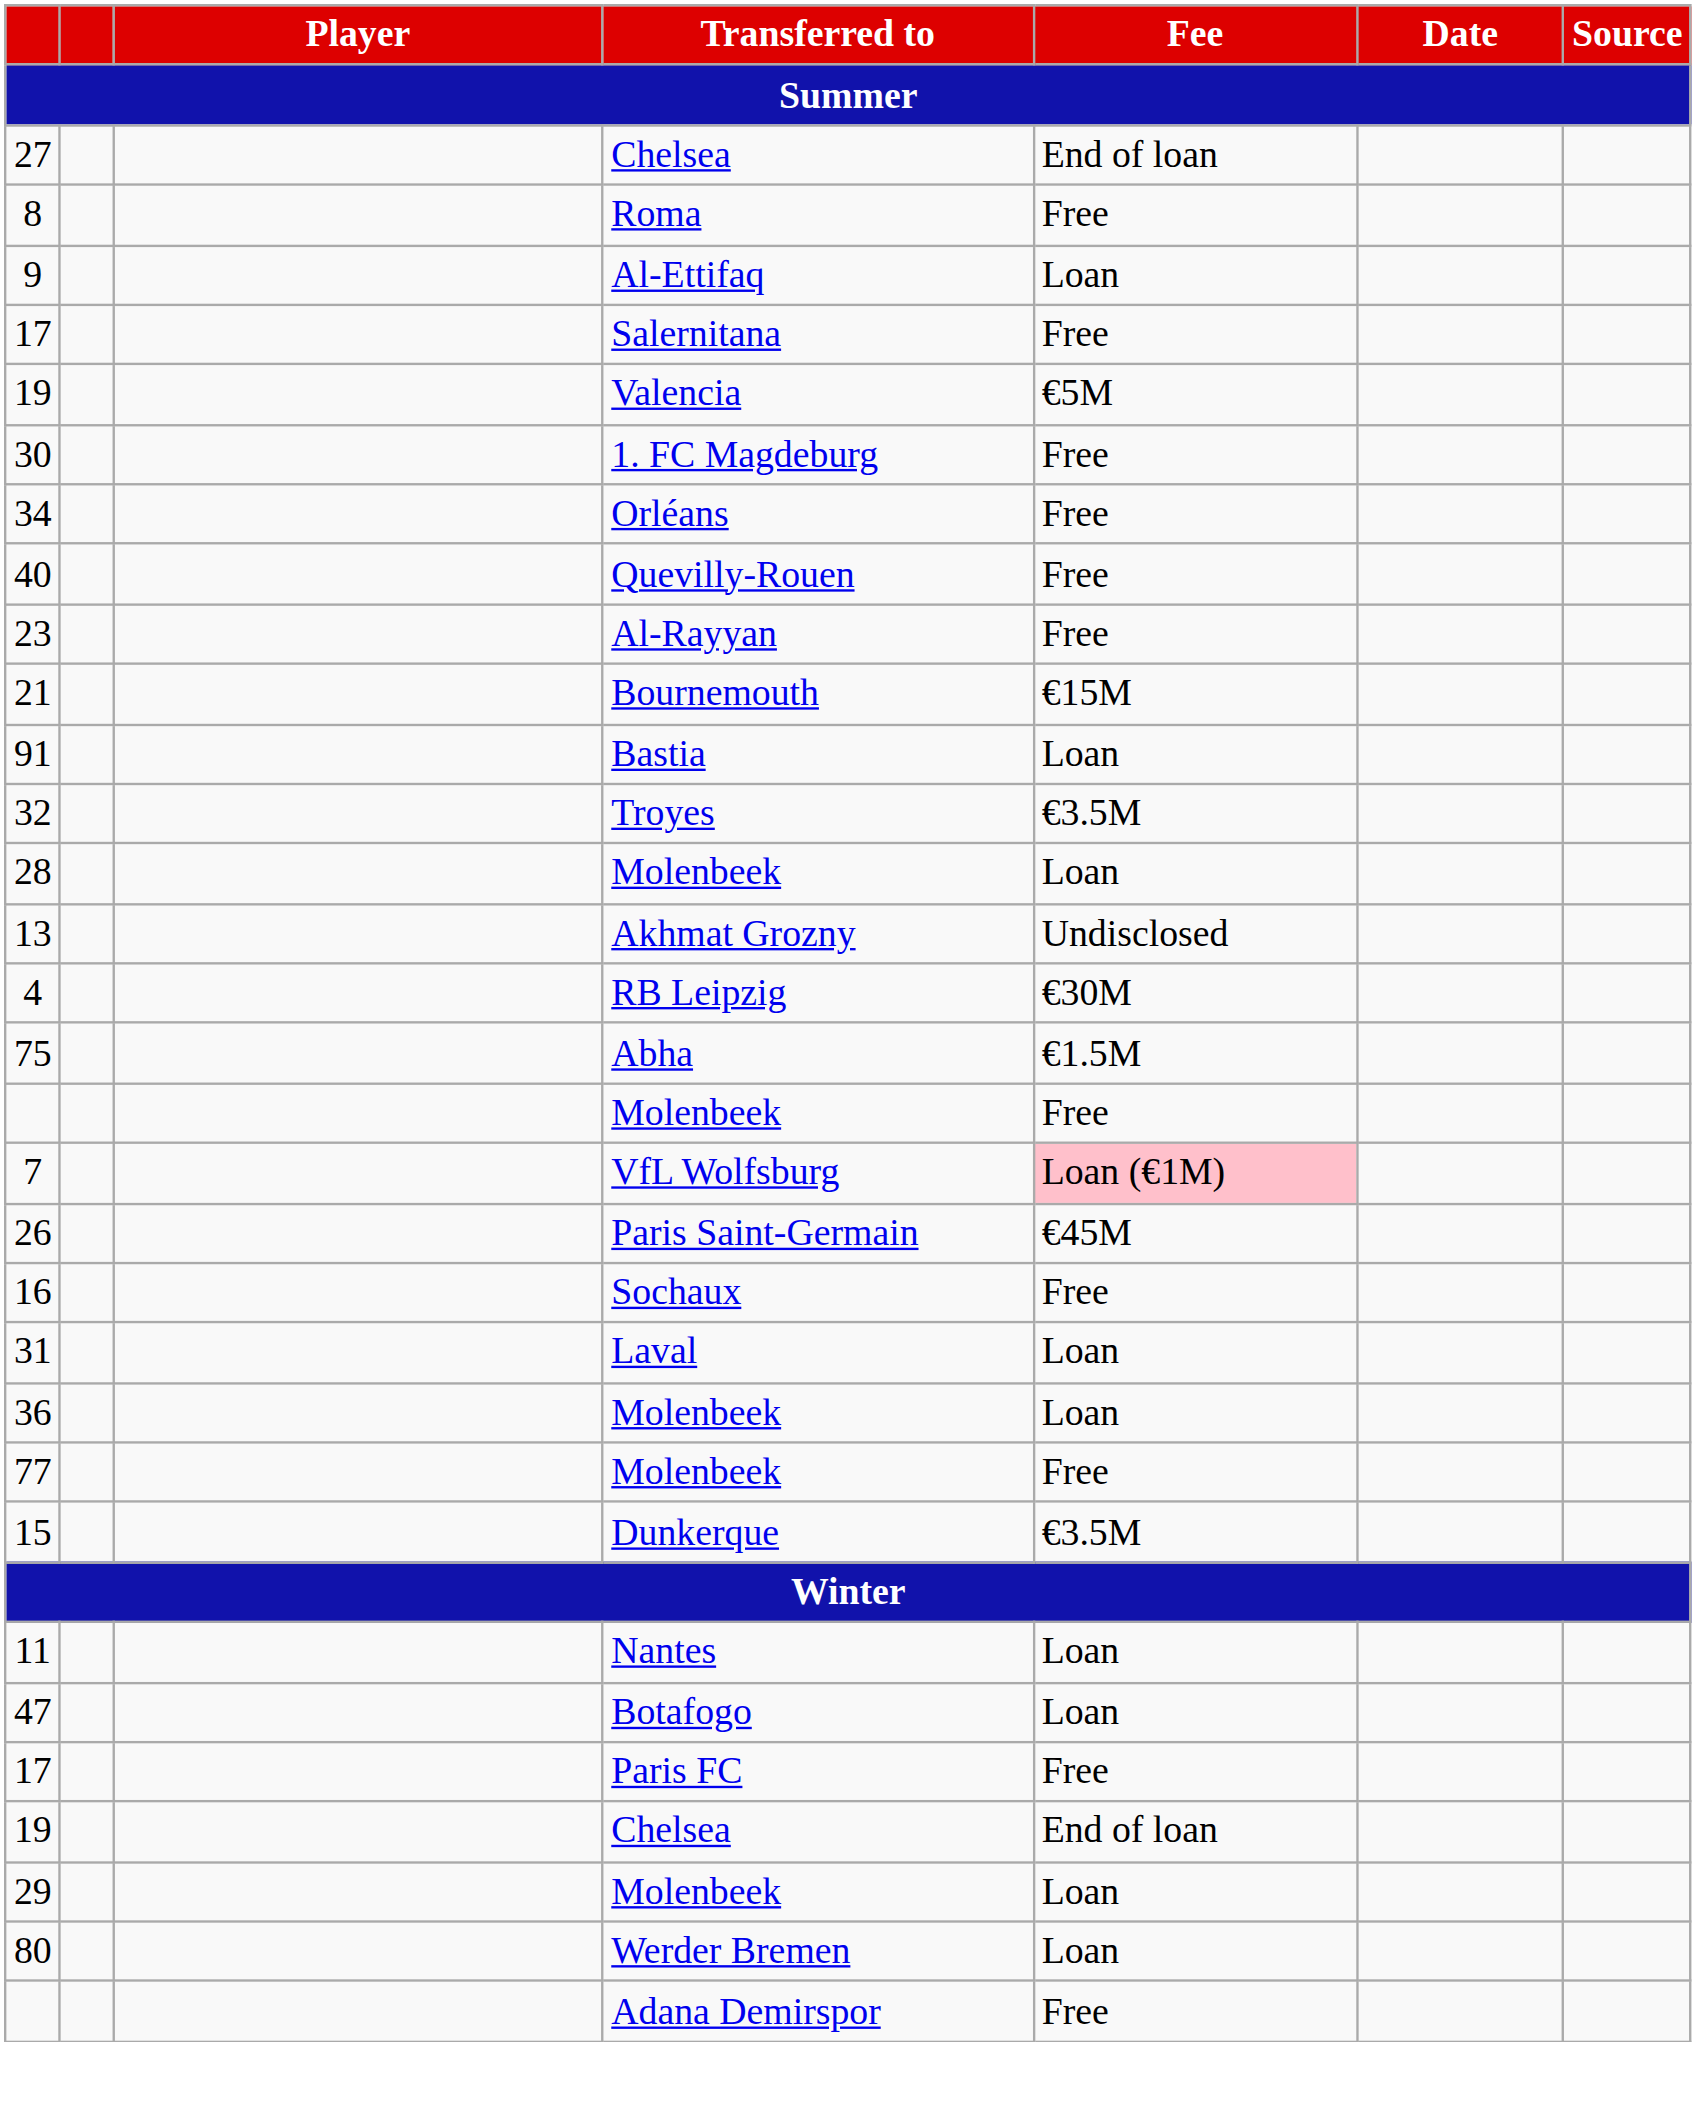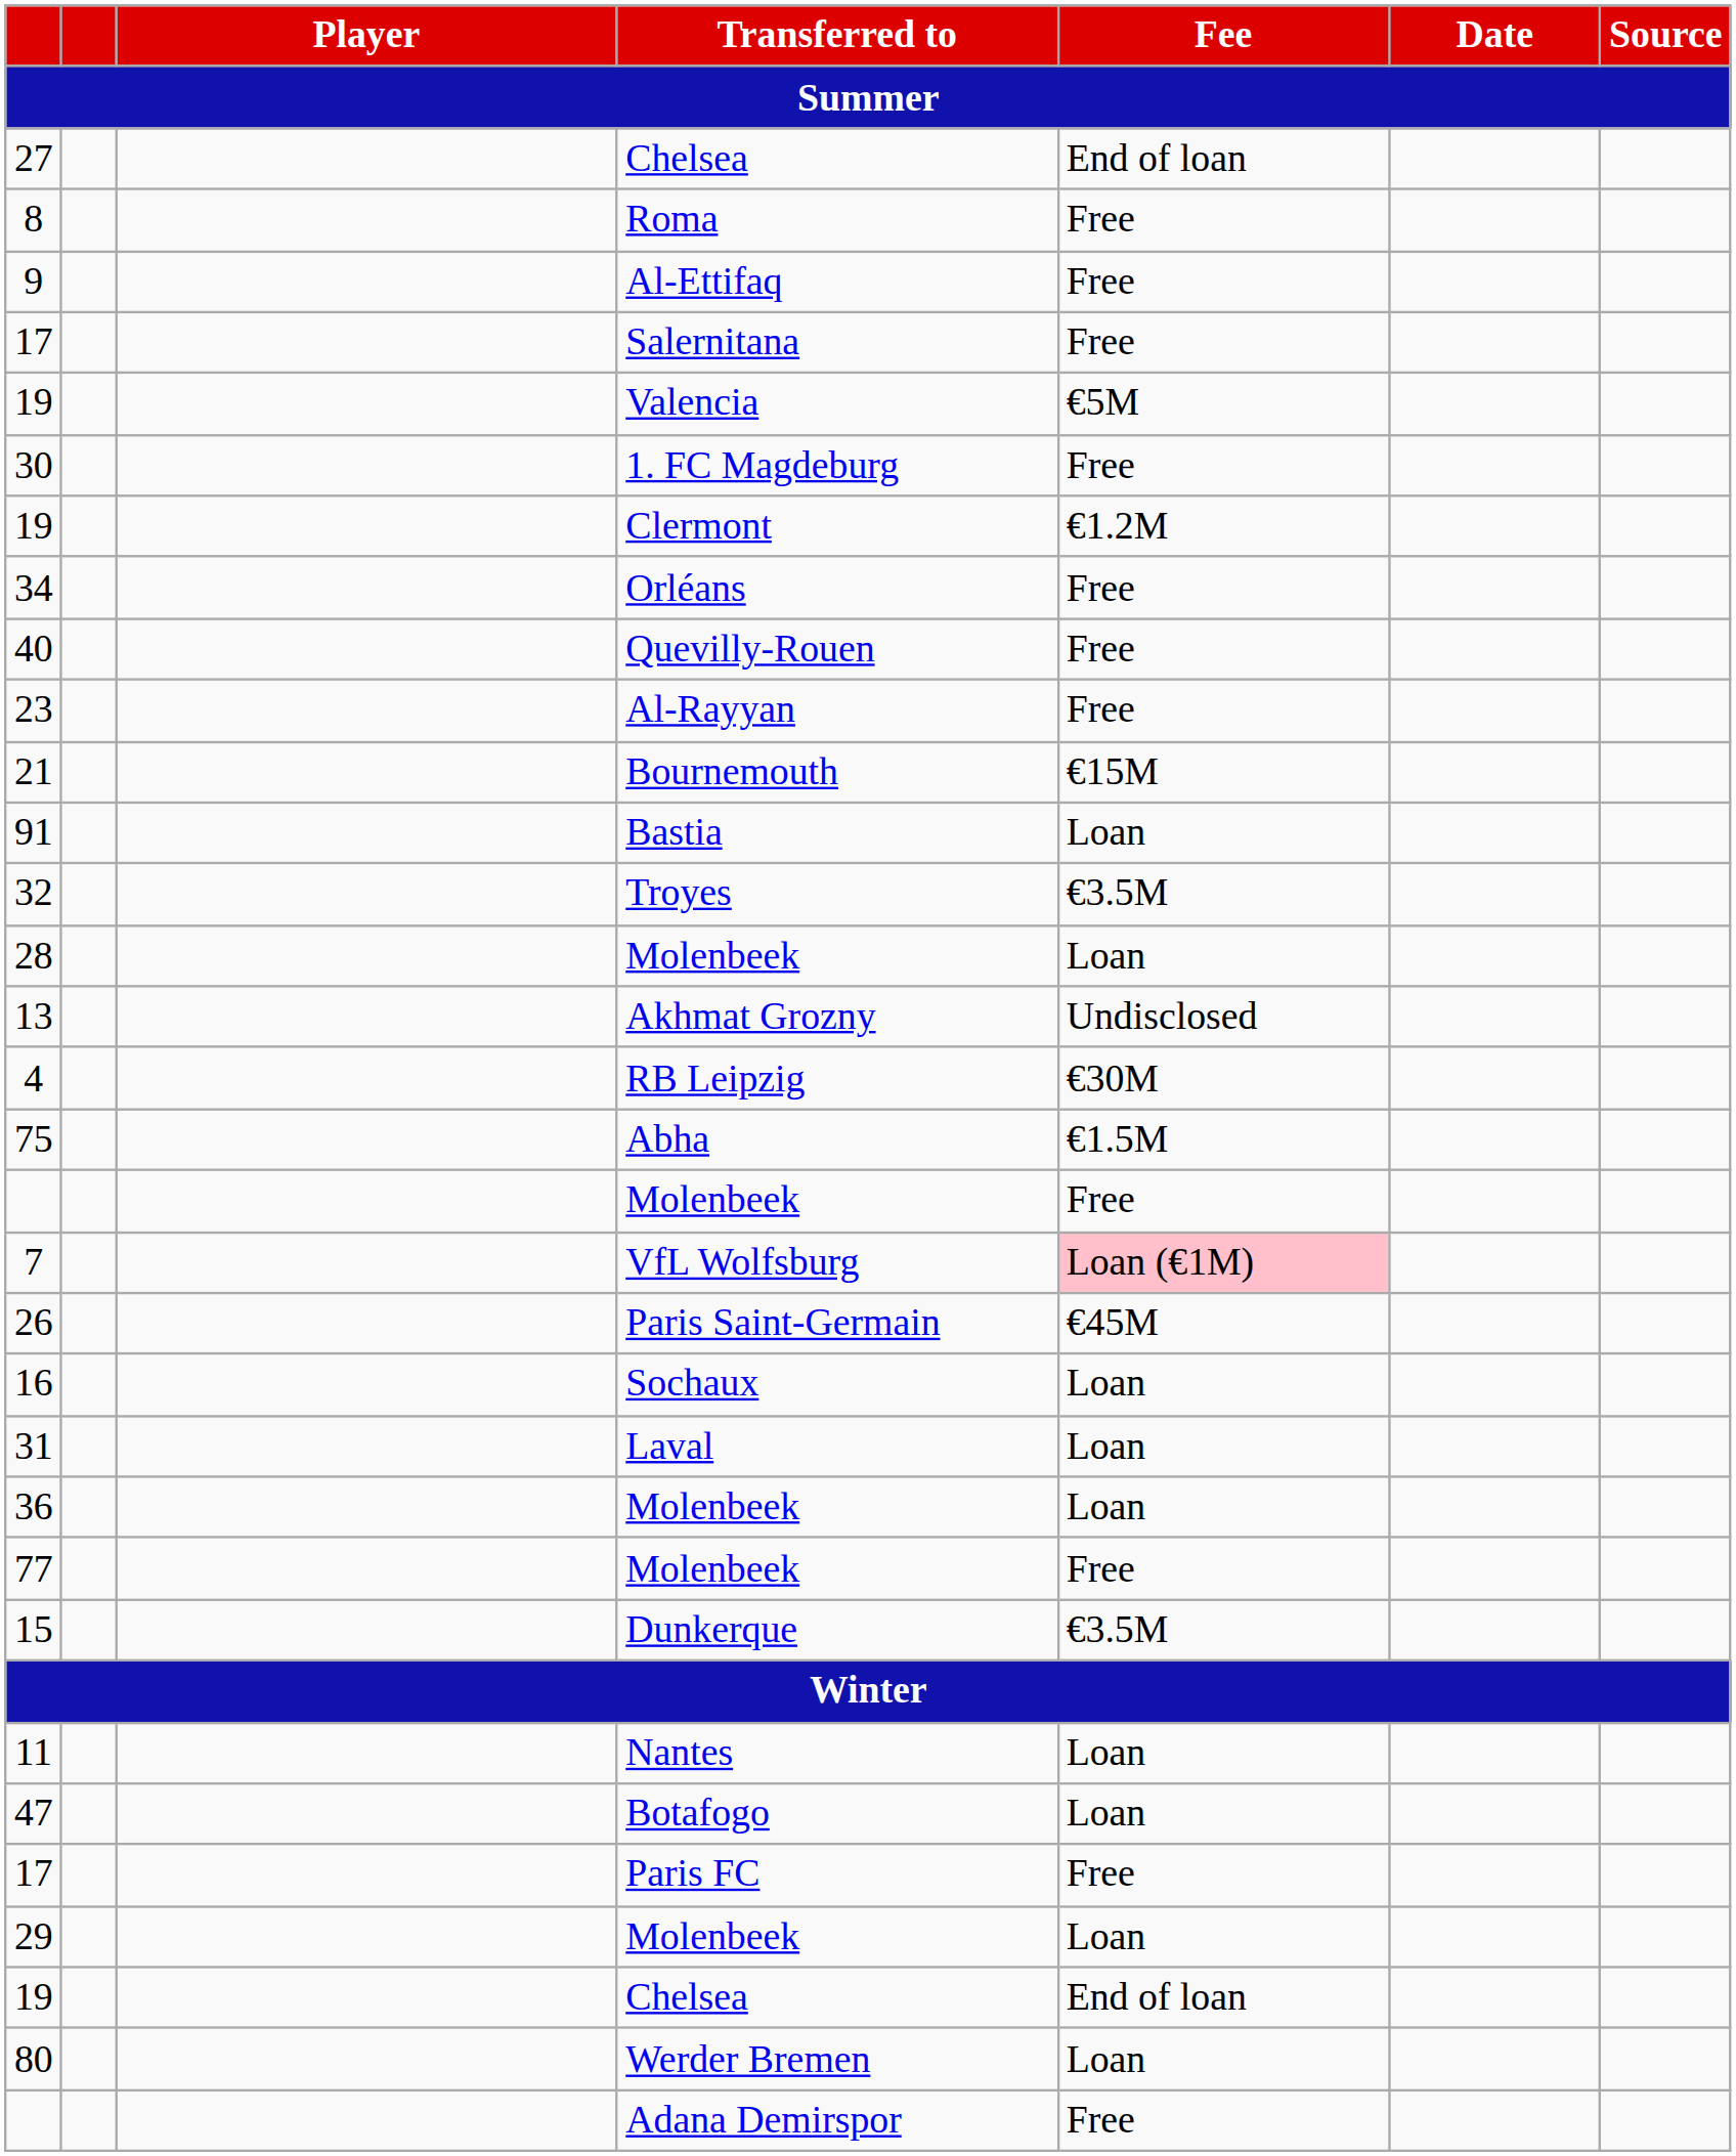 <table class="wikitable plainrowheaders sortable">
 <tr>
 <th style="background:#DD0000; color:white; scope=col; width:15px"></th>
 <th style="background:#DD0000; color:white; scope=col; width:15px"></th>
 <th style="background:#DD0000; color:white; scope=col; width:200px">Player</th>
 <th style="background:#DD0000; color:white; scope=col; width:175px">Transferred to</th>
 <th style="background:#DD0000; color:white; scope=col; width:130px">Fee</th>
 <th style="background:#DD0000; color:white; scope=col; width:80px">Date</th>
 <th style="background:#DD0000; color:white; scope=col; width:15px">Source</th>
 </tr>
 <tr>
 <th colspan="7" style="background:#1112AB; color:white;">Summer</th>
 </tr>
 <tr>
 <td align=center>27</td>
 <td align=center></td>
 <td></td>
 <td> <a href='#'>Chelsea</a></td>
 <td>End of loan</td>
 <td></td>
 <td></td>
 </tr>
 <tr>
 <td align=center>8</td>
 <td align=center></td>
 <td></td>
 <td> <a href='#'>Roma</a></td>
 <td>Free</td>
 <td></td>
 <td></td>
 </tr>
 <tr>
 <td align=center>9</td>
 <td align=center></td>
 <td></td>
 <td> <a href='#'>Al-Ettifaq</a></td>
-<td>Loan</td>
+<td>Free</td>
 <td></td>
 <td></td>
 </tr>
 <tr>
 <td align=center>17</td>
 <td align=center></td>
 <td></td>
 <td> <a href='#'>Salernitana</a></td>
 <td>Free</td>
 <td></td>
 <td></td>
 </tr>
 <tr>
 <td align=center>19</td>
 <td align=center></td>
 <td></td>
 <td> <a href='#'>Valencia</a></td>
 <td>€5M</td>
 <td></td>
 <td></td>
 </tr>
 <tr>
 <td align=center>30</td>
 <td align=center></td>
 <td></td>
 <td> <a href='#'>1. FC Magdeburg</a></td>
 <td>Free</td>
+<td></td>
+<td></td>
+</tr>
+<tr>
+<td align=center>19</td>
+<td align=center></td>
+<td></td>
+<td> <a href='#'>Clermont</a></td>
+<td>€1.2M</td>
 <td></td>
 <td></td>
 </tr>
 <tr>
 <td align=center>34</td>
 <td align=center></td>
 <td></td>
 <td> <a href='#'>Orléans</a></td>
 <td>Free</td>
 <td></td>
 <td></td>
 </tr>
 <tr>
 <td align=center>40</td>
 <td align=center></td>
 <td></td>
 <td> <a href='#'>Quevilly-Rouen</a></td>
 <td>Free</td>
 <td></td>
 <td></td>
 </tr>
 <tr>
 <td align=center>23</td>
 <td align=center></td>
 <td></td>
 <td> <a href='#'>Al-Rayyan</a></td>
 <td>Free</td>
 <td></td>
 <td></td>
 </tr>
 <tr>
 <td align=center>21</td>
 <td align=center></td>
 <td></td>
 <td> <a href='#'>Bournemouth</a></td>
 <td>€15M</td>
 <td></td>
 <td></td>
 </tr>
 <tr>
 <td align=center>91</td>
 <td align=center></td>
 <td></td>
 <td> <a href='#'>Bastia</a></td>
 <td>Loan</td>
 <td></td>
 <td></td>
 </tr>
 <tr>
 <td align=center>32</td>
 <td align=center></td>
 <td></td>
 <td> <a href='#'>Troyes</a></td>
 <td>€3.5M</td>
 <td></td>
 <td></td>
 </tr>
 <tr>
 <td align=center>28</td>
 <td align=center></td>
 <td></td>
 <td> <a href='#'>Molenbeek</a></td>
 <td>Loan</td>
 <td></td>
 <td></td>
 </tr>
 <tr>
 <td align=center>13</td>
 <td align=center></td>
 <td></td>
 <td> <a href='#'>Akhmat Grozny</a></td>
 <td>Undisclosed</td>
 <td></td>
 <td></td>
 </tr>
 <tr>
 <td align=center>4</td>
 <td align=center></td>
 <td></td>
 <td> <a href='#'>RB Leipzig</a></td>
 <td>€30M</td>
 <td></td>
 <td></td>
 </tr>
 <tr>
 <td align=center>75</td>
 <td align=center></td>
 <td></td>
 <td> <a href='#'>Abha</a></td>
 <td>€1.5M</td>
 <td></td>
 <td></td>
 </tr>
 <tr>
 <td align=center></td>
 <td align=center></td>
 <td></td>
 <td> <a href='#'>Molenbeek</a></td>
 <td>Free</td>
 <td></td>
 <td></td>
 </tr>
 <tr>
 <td align=center>7</td>
 <td align=center></td>
 <td></td>
 <td> <a href='#'>VfL Wolfsburg</a></td>
 <td style="background: pink;">Loan (€1M)</td>
 <td></td>
 <td></td>
 </tr>
 <tr>
 <td align=center>26</td>
 <td align=center></td>
 <td></td>
 <td> <a href='#'>Paris Saint-Germain</a></td>
 <td>€45M</td>
 <td></td>
 <td></td>
 </tr>
 <tr>
 <td align=center>16</td>
 <td align=center></td>
 <td></td>
 <td> <a href='#'>Sochaux</a></td>
-<td>Free</td>
+<td>Loan</td>
 <td></td>
 <td></td>
 </tr>
 <tr>
 <td align=center>31</td>
 <td align=center></td>
 <td></td>
 <td> <a href='#'>Laval</a></td>
 <td>Loan</td>
 <td></td>
 <td></td>
 </tr>
 <tr>
 <td align=center>36</td>
 <td align=center></td>
 <td></td>
 <td> <a href='#'>Molenbeek</a></td>
 <td>Loan</td>
 <td></td>
 <td></td>
 </tr>
 <tr>
 <td align=center>77</td>
 <td align=center></td>
 <td></td>
 <td> <a href='#'>Molenbeek</a></td>
 <td>Free</td>
 <td></td>
 <td></td>
 </tr>
 <tr>
 <td align=center>15</td>
 <td align=center></td>
 <td></td>
 <td> <a href='#'>Dunkerque</a></td>
 <td>€3.5M</td>
 <td></td>
 <td></td>
 </tr>
 <tr>
 <th colspan="7" style="background:#1112AB; color:white;">Winter</th>
 </tr>
 <tr>
 <td align=center>11</td>
 <td align=center></td>
 <td></td>
 <td> <a href='#'>Nantes</a></td>
 <td>Loan</td>
 <td></td>
 <td></td>
 </tr>
 <tr>
 <td align=center>47</td>
 <td align=center></td>
 <td></td>
 <td> <a href='#'>Botafogo</a></td>
 <td>Loan</td>
 <td></td>
 <td></td>
 </tr>
 <tr>
 <td align=center>17</td>
 <td align=center></td>
 <td></td>
 <td> <a href='#'>Paris FC</a></td>
 <td>Free</td>
 <td></td>
 <td></td>
 </tr>
 <tr>
+<td align=center>29</td>
+<td align=center></td>
+<td></td>
+<td> <a href='#'>Molenbeek</a></td>
+<td>Loan</td>
+<td></td>
+<td></td>
+</tr>
+<tr>
 <td align=center>19</td>
 <td align=center></td>
 <td></td>
 <td> <a href='#'>Chelsea</a></td>
 <td>End of loan</td>
-<td></td>
-<td></td>
-</tr>
-<tr>
-<td align=center>29</td>
-<td align=center></td>
-<td></td>
-<td> <a href='#'>Molenbeek</a></td>
-<td>Loan</td>
 <td></td>
 <td></td>
 </tr>
 <tr>
 <td align=center>80</td>
 <td align=center></td>
 <td></td>
 <td> <a href='#'>Werder Bremen</a></td>
 <td>Loan</td>
 <td></td>
 <td></td>
 </tr>
 <tr>
 <td align=center></td>
 <td align=center></td>
 <td></td>
 <td> <a href='#'>Adana Demirspor</a></td>
 <td>Free</td>
 <td></td>
 <td></td>
 </tr>
 </table>
